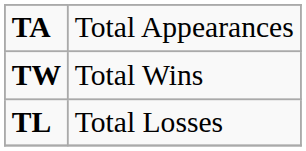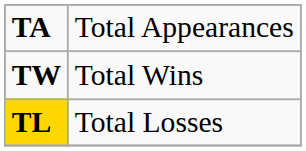 <table class="wikitable">
 <tr>
 <td><strong>TA</strong></td>
 <td>Total Appearances</td>
 </tr>
 <tr>
 <td><strong>TW</strong></td>
 <td>Total Wins</td>
 </tr>
 <tr>
-<td><strong>TL</strong></td>
+<td style="background: gold;"><strong>TL</strong></td>
 <td>Total Losses</td>
 </tr>
 <tr>
 </tr>
 </table>
